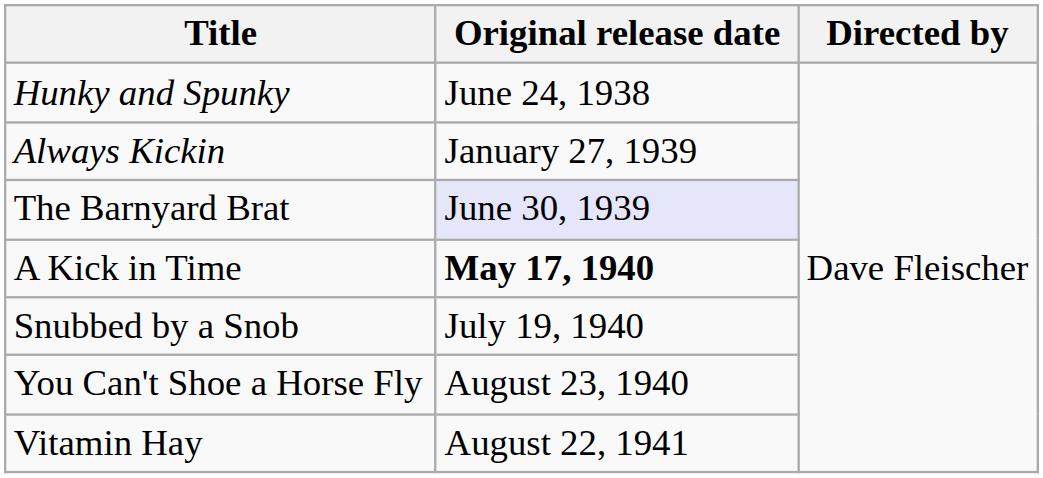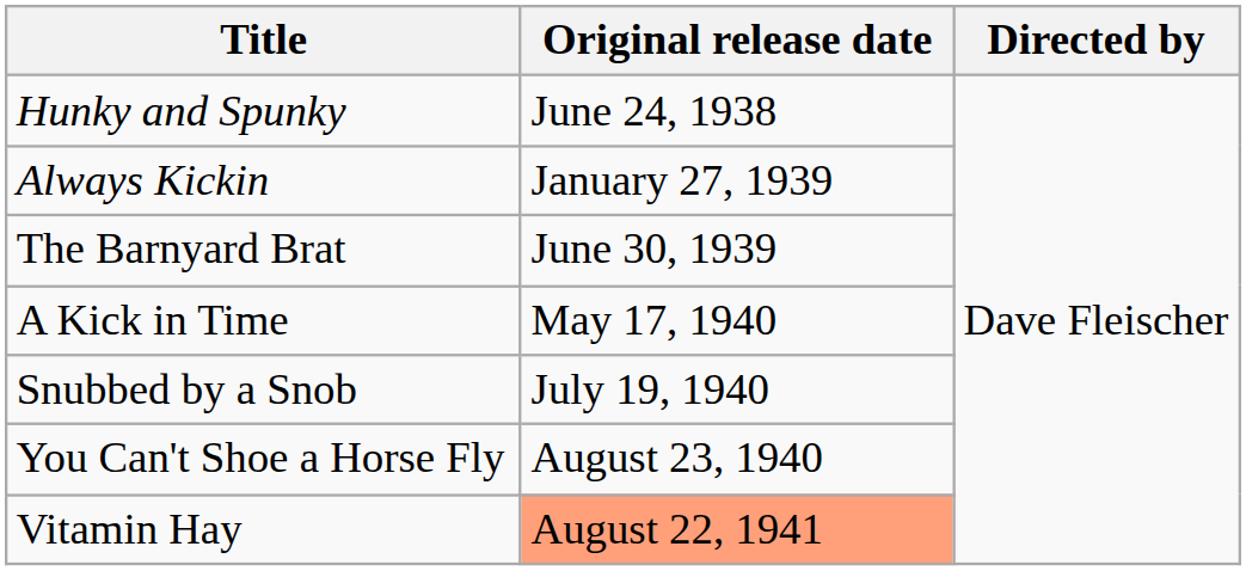 <table class="wikitable shortable">
 <tr>
 <th width=180>Title</th>
 <th width=150>Original release date</th>
 <th>Directed by</th>
 </tr>
 <tr>
 <td><em>Hunky and Spunky</em></td>
 <td>June 24, 1938</td>
 <td rowspan="7">Dave Fleischer</td>
 </tr>
 <tr>
 <td><em>Always Kickin<strong></td>
 <td>January 27, 1939</td>
 </tr>
 <tr>
 <td></em>The Barnyard Brat<em></td>
-<td style="background: lavender;">June 30, 1939</td>
+<td>June 30, 1939</td>
 </tr>
 <tr>
 <td></em>A Kick in Time<em></td>
-<td><strong>May 17, 1940</strong></td>
+<td>May 17, 1940</td>
 </tr>
 <tr>
 <td></em>Snubbed by a Snob<em></td>
 <td>July 19, 1940</td>
 </tr>
 <tr>
 <td></em>You Can't Shoe a Horse Fly<em></td>
 <td>August 23, 1940</td>
 </tr>
 <tr>
 <td></em>Vitamin Hay<em></td>
-<td>August 22, 1941</td>
+<td style="background: lightsalmon;">August 22, 1941</td>
 </tr>
 </table>
